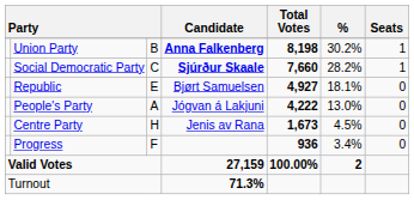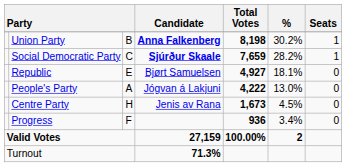 <table class="wikitable" border="1" style="text-align:right;">
 <tr>
 <th colspan="3" rowspan="1" width="50" valign="bottom" style="text-align:left;">Party</th>
 <th rowspan="1" valign="bottom" align="center">Candidate</th>
 <th rowspan="1" width="50" valign="bottom" align="center">Total<br>Votes</th>
 <th rowspan="1" width="50" valign="bottom" align="center">%</th>
 <th rowspan="1" width="50" valign="bottom" align="center">Seats</th>
 </tr>
 <tr>
 </tr>
 <tr>
 <td style="background:"></td>
 <td align="left"><a href='#'>Union Party</a></td>
 <td align="left">B</td>
 <td><strong><a href='#'>Anna Falkenberg</a></strong></td>
 <td><strong>8,198</strong></td>
 <td>30.2%</td>
 <td>1</td>
 </tr>
 <tr>
 <td style="background:"></td>
 <td align="left"><a href='#'>Social Democratic Party</a></td>
 <td align="left">C</td>
 <td><strong><a href='#'>Sjúrður Skaale</a></strong></td>
-<td><strong>7,660</strong></td>
+<td><strong>7,659</strong></td>
 <td>28.2%</td>
 <td>1</td>
 </tr>
 <tr>
 <td style="background:"></td>
 <td align="left"><a href='#'>Republic</a></td>
 <td align="left">E</td>
 <td><a href='#'>Bjørt Samuelsen</a></td>
 <td><strong>4,927</strong></td>
 <td>18.1%</td>
 <td>0</td>
 </tr>
 <tr>
 <td style="background:"></td>
 <td align="left"><a href='#'>People's Party</a></td>
 <td align="left">A</td>
 <td><a href='#'>Jógvan á Lakjuni</a></td>
 <td><strong>4,222</strong></td>
 <td>13.0%</td>
 <td>0</td>
 </tr>
 <tr>
 <td style="background:"></td>
 <td align="left"><a href='#'>Centre Party</a></td>
 <td align="left">H</td>
 <td><a href='#'>Jenis av Rana</a></td>
 <td><strong>1,673</strong></td>
 <td>4.5%</td>
 <td>0</td>
 </tr>
 <tr>
 <td style="background:"></td>
 <td align="left"><a href='#'>Progress</a></td>
 <td align="left">F</td>
 <td></td>
 <td><strong>936</strong></td>
 <td>3.4%</td>
 <td>0</td>
 </tr>
 <tr style="font-weight:bold">
 <td colspan="3" align="left">Valid Votes</td>
 <td>27,159</td>
 <td>100.00%</td>
 <td>2</td>
 <td></td>
 </tr>
 <tr>
 <td colspan="3" align="left">Turnout</td>
 <td><strong>71.3%</strong></td>
 <td></td>
 <td></td>
 <td></td>
 </tr>
 </table>
